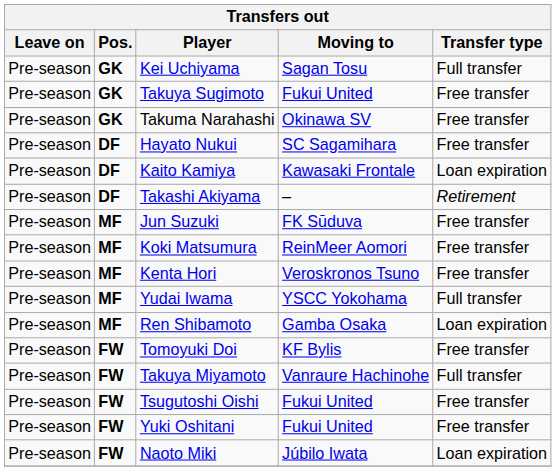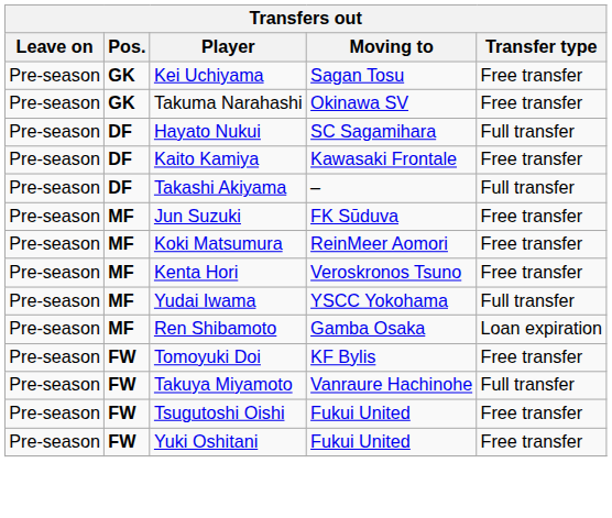 <table class="wikitable sortable" style=“text-align:left;>
 <tr>
 <th colspan="5">Transfers out</th>
 </tr>
 <tr>
 <th>Leave on</th>
 <th>Pos.</th>
 <th>Player</th>
 <th>Moving to</th>
 <th>Transfer type</th>
 </tr>
 <tr>
 <td>Pre-season</td>
 <td><strong>GK</strong></td>
 <td> <a href='#'>Kei Uchiyama</a></td>
 <td> <a href='#'>Sagan Tosu</a></td>
-<td>Full transfer</td>
-</tr>
-<tr>
-<td>Pre-season</td>
-<td><strong>GK</strong></td>
-<td> <a href='#'>Takuya Sugimoto</a></td>
-<td> <a href='#'>Fukui United</a></td>
 <td>Free transfer</td>
 </tr>
 <tr>
 <td>Pre-season</td>
 <td><strong>GK</strong></td>
 <td> Takuma Narahashi</td>
 <td> <a href='#'>Okinawa SV</a></td>
 <td>Free transfer</td>
 </tr>
 <tr>
 <td>Pre-season</td>
 <td><strong>DF</strong></td>
 <td> <a href='#'>Hayato Nukui</a></td>
 <td> <a href='#'>SC Sagamihara</a></td>
-<td>Free transfer</td>
+<td>Full transfer</td>
 </tr>
 <tr>
 <td>Pre-season</td>
 <td><strong>DF</strong></td>
 <td> <a href='#'>Kaito Kamiya</a></td>
 <td> <a href='#'>Kawasaki Frontale</a></td>
-<td>Loan expiration</td>
+<td>Free transfer</td>
 </tr>
 <tr>
 <td>Pre-season</td>
 <td><strong>DF</strong></td>
 <td> <a href='#'>Takashi Akiyama</a></td>
 <td>–</td>
-<td><em>Retirement</em></td>
+<td>Full transfer</td>
 </tr>
 <tr>
 <td>Pre-season</td>
 <td><strong>MF</strong></td>
 <td> <a href='#'>Jun Suzuki</a></td>
 <td> <a href='#'>FK Sūduva</a></td>
 <td>Free transfer</td>
 </tr>
 <tr>
 <td>Pre-season</td>
 <td><strong>MF</strong></td>
 <td> <a href='#'>Koki Matsumura</a></td>
 <td> <a href='#'>ReinMeer Aomori</a></td>
 <td>Free transfer</td>
 </tr>
 <tr>
 <td>Pre-season</td>
 <td><strong>MF</strong></td>
 <td> <a href='#'>Kenta Hori</a></td>
 <td> <a href='#'>Veroskronos Tsuno</a></td>
 <td>Free transfer</td>
 </tr>
 <tr>
 <td>Pre-season</td>
 <td><strong>MF</strong></td>
 <td> <a href='#'>Yudai Iwama</a></td>
 <td> <a href='#'>YSCC Yokohama</a></td>
 <td>Full transfer</td>
 </tr>
 <tr>
 <td>Pre-season</td>
 <td><strong>MF</strong></td>
 <td> <a href='#'>Ren Shibamoto</a></td>
 <td> <a href='#'>Gamba Osaka</a></td>
 <td>Loan expiration</td>
 </tr>
 <tr>
 <td>Pre-season</td>
 <td><strong>FW</strong></td>
 <td> <a href='#'>Tomoyuki Doi</a></td>
 <td> <a href='#'>KF Bylis</a></td>
 <td>Free transfer</td>
 </tr>
 <tr>
 <td>Pre-season</td>
 <td><strong>FW</strong></td>
 <td> <a href='#'>Takuya Miyamoto</a></td>
 <td> <a href='#'>Vanraure Hachinohe</a></td>
 <td>Full transfer</td>
 </tr>
 <tr>
 <td>Pre-season</td>
 <td><strong>FW</strong></td>
 <td> <a href='#'>Tsugutoshi Oishi</a></td>
 <td> <a href='#'>Fukui United</a></td>
 <td>Free transfer</td>
 </tr>
 <tr>
 <td>Pre-season</td>
 <td><strong>FW</strong></td>
 <td> <a href='#'>Yuki Oshitani</a></td>
 <td> <a href='#'>Fukui United</a></td>
 <td>Free transfer</td>
 </tr>
 <tr>
-<td>Pre-season</td>
-<td><strong>FW</strong></td>
-<td> <a href='#'>Naoto Miki</a></td>
-<td> <a href='#'>Júbilo Iwata</a></td>
-<td>Loan expiration</td>
-</tr>
-<tr>
 </tr>
 </table>
